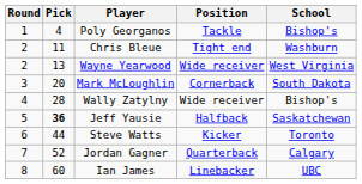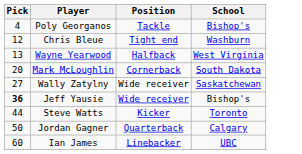 <table class="wikitable" style="font-size: 95%;">
 <tr>
-<th scope="col">Round</th>
 <th scope="col">Pick</th>
 <th scope="col">Player</th>
 <th scope="col">Position</th>
 <th scope="col">School</th>
 </tr>
 <tr align="center">
-<td align=center>1</td>
 <td>4</td>
 <td>Poly Georganos</td>
 <td><a href='#'>Tackle</a></td>
 <td><a href='#'>Bishop's</a></td>
 </tr>
 <tr align="center">
-<td align=center>2</td>
-<td>11</td>
+<td>12</td>
 <td>Chris Bleue</td>
 <td><a href='#'>Tight end</a></td>
 <td><a href='#'>Washburn</a></td>
 </tr>
 <tr align="center">
-<td align=center>2</td>
 <td>13</td>
 <td><a href='#'>Wayne Yearwood</a></td>
-<td><a href='#'>Wide receiver</a></td>
+<td><a href='#'>Halfback</a></td>
 <td><a href='#'>West Virginia</a></td>
 </tr>
 <tr align="center">
-<td align=center>3</td>
 <td>20</td>
 <td><a href='#'>Mark McLoughlin</a></td>
 <td><a href='#'>Cornerback</a></td>
 <td><a href='#'>South Dakota</a></td>
 </tr>
 <tr align="center">
-<td align=center>4</td>
-<td>28</td>
+<td>27</td>
 <td>Wally Zatylny</td>
 <td>Wide receiver</td>
+<td><a href='#'>Saskatchewan</a></td>
+</tr>
+<tr align="center">
+<td><strong>36</strong></td>
+<td>Jeff Yausie</td>
+<td><a href='#'>Wide receiver</a></td>
 <td>Bishop's</td>
 </tr>
 <tr align="center">
-<td align=center>5</td>
-<td><strong>36</strong></td>
-<td>Jeff Yausie</td>
-<td><a href='#'>Halfback</a></td>
-<td><a href='#'>Saskatchewan</a></td>
-</tr>
-<tr align="center">
-<td align=center>6</td>
 <td>44</td>
 <td>Steve Watts</td>
 <td><a href='#'>Kicker</a></td>
 <td><a href='#'>Toronto</a></td>
 </tr>
 <tr align="center">
-<td align=center>7</td>
-<td>52</td>
+<td>50</td>
 <td>Jordan Gagner</td>
 <td><a href='#'>Quarterback</a></td>
 <td><a href='#'>Calgary</a></td>
 </tr>
 <tr align="center">
-<td align=center>8</td>
 <td>60</td>
 <td>Ian James</td>
 <td><a href='#'>Linebacker</a></td>
 <td><a href='#'>UBC</a></td>
 </tr>
 </table>
